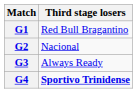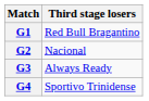 <table class="wikitable">
 <tr>
 <th>Match</th>
 <th>Third stage losers</th>
 </tr>
 <tr>
 <th><a href='#'>G1</a></th>
 <td> <a href='#'>Red Bull Bragantino</a></td>
 </tr>
 <tr>
 <th><a href='#'>G2</a></th>
 <td> <a href='#'>Nacional</a></td>
 </tr>
 <tr>
 <th><a href='#'>G3</a></th>
 <td> <a href='#'>Always Ready</a></td>
 </tr>
 <tr>
 <th><a href='#'>G4</a></th>
-<td><strong> <a href='#'>Sportivo Trinidense</a></strong></td>
+<td> <a href='#'>Sportivo Trinidense</a></td>
 </tr>
 </table>
